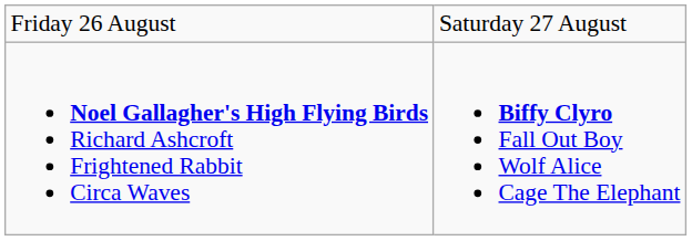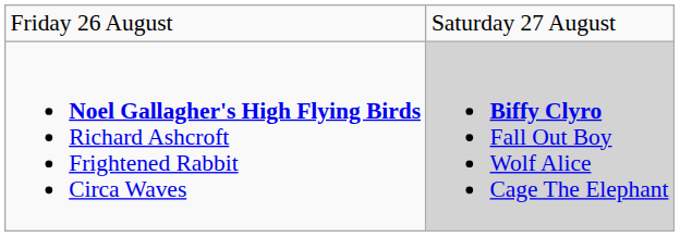 <table class="wikitable">
 <tr>
 <td>Friday 26 August</td>
 <td>Saturday 27 August</td>
 </tr>
 <tr valign="top">
 <td><br><ul><li><strong><a href='#'>Noel Gallagher's High Flying Birds</a></strong></li><li><a href='#'>Richard Ashcroft</a></li><li><a href='#'>Frightened Rabbit</a></li><li><a href='#'>Circa Waves</a></li></ul></td>
-<td><br><ul><li><strong><a href='#'>Biffy Clyro</a></strong></li><li><a href='#'>Fall Out Boy</a></li><li><a href='#'>Wolf Alice</a></li><li><a href='#'>Cage The Elephant</a></li></ul></td>
+<td style="background: lightgrey;"><br><ul><li><strong><a href='#'>Biffy Clyro</a></strong></li><li><a href='#'>Fall Out Boy</a></li><li><a href='#'>Wolf Alice</a></li><li><a href='#'>Cage The Elephant</a></li></ul></td>
 </tr>
 </table>
